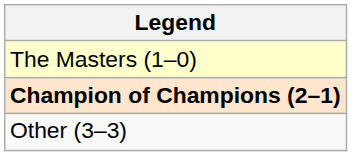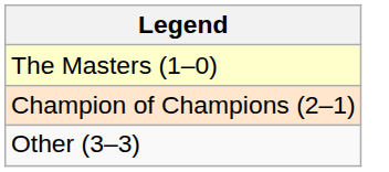 <table class="wikitable">
 <tr>
 <th>Legend</th>
 </tr>
 <tr style="background:#ffc;">
 <td>The Masters (1–0)</td>
 </tr>
 <tr style="background:#ffe6cc;">
-<td><strong>Champion of Champions (2–1)</strong></td>
+<td>Champion of Champions (2–1)</td>
 </tr>
 <tr>
 <td>Other (3–3)</td>
 </tr>
 </table>
